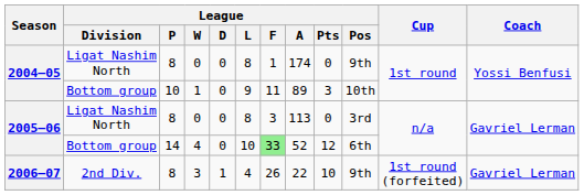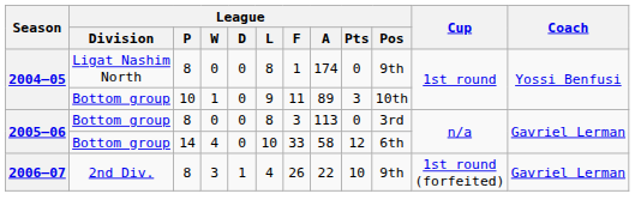 <table class="wikitable" style="text-align: center">
 <tr>
 <th rowspan="2">Season</th>
 <th colspan="9">League</th>
 <th rowspan="2"><a href='#'>Cup</a></th>
 <th rowspan="2"><a href='#'>Coach</a></th>
 </tr>
 <tr>
 <th>Division</th>
 <th width="20">P</th>
 <th width="20">W</th>
 <th width="20">D</th>
 <th width="20">L</th>
 <th width="20">F</th>
 <th width="20">A</th>
 <th width="20">Pts</th>
 <th>Pos</th>
 </tr>
 <tr>
 <th rowspan="2"><a href='#'>2004–05</a></th>
 <td><a href='#'>Ligat Nashim</a><br>North</td>
 <td>8</td>
 <td>0</td>
 <td>0</td>
 <td>8</td>
 <td>1</td>
 <td>174</td>
 <td>0</td>
 <td>9th</td>
 <td rowspan="2"><a href='#'>1st round</a></td>
 <td rowspan="2"><a href='#'>Yossi Benfusi</a></td>
 </tr>
 <tr>
 <td><a href='#'>Bottom group</a></td>
 <td>10</td>
 <td>1</td>
 <td>0</td>
 <td>9</td>
 <td>11</td>
 <td>89</td>
 <td>3</td>
 <td>10th</td>
 </tr>
 <tr>
 <th rowspan="2"><a href='#'>2005–06</a></th>
-<td><a href='#'>Ligat Nashim</a><br>North</td>
+<td><a href='#'>Bottom group</a></td>
 <td>8</td>
 <td>0</td>
 <td>0</td>
 <td>8</td>
 <td>3</td>
 <td>113</td>
 <td>0</td>
 <td>3rd</td>
 <td rowspan="2"><a href='#'>n/a</a></td>
 <td rowspan="2"><a href='#'>Gavriel Lerman</a></td>
 </tr>
 <tr>
 <td><a href='#'>Bottom group</a></td>
 <td>14</td>
 <td>4</td>
 <td>0</td>
 <td>10</td>
-<td style="background: lightgreen;">33</td>
-<td>52</td>
+<td>33</td>
+<td>58</td>
 <td>12</td>
 <td>6th</td>
 </tr>
 <tr>
 <th><a href='#'>2006–07</a></th>
 <td><a href='#'>2nd Div.</a></td>
 <td>8</td>
 <td>3</td>
 <td>1</td>
 <td>4</td>
 <td>26</td>
 <td>22</td>
 <td>10</td>
 <td>9th</td>
 <td><a href='#'>1st round</a> <br>(forfeited)</td>
 <td><a href='#'>Gavriel Lerman</a></td>
 </tr>
 </table>
